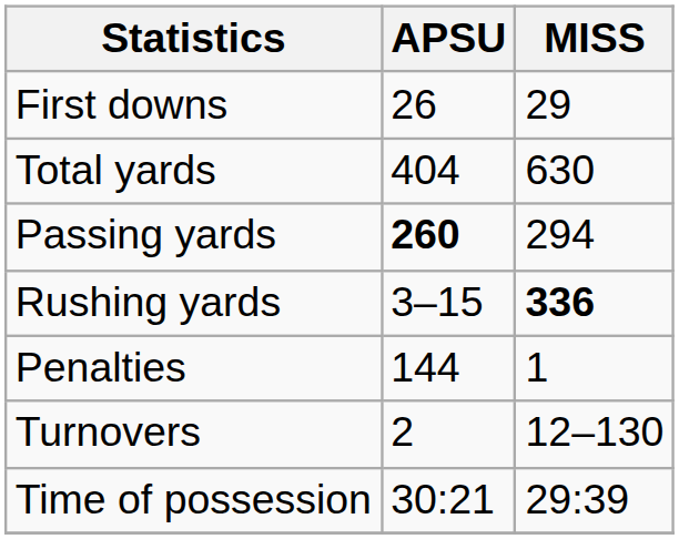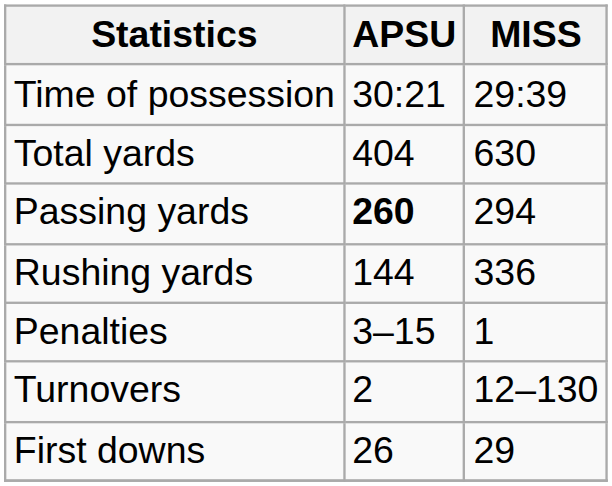 <table class="wikitable" style="float: left;">
 <tr>
 <th>Statistics</th>
 <th>APSU</th>
 <th>MISS</th>
 </tr>
 <tr>
-<td>First downs</td>
-<td>26</td>
-<td>29</td>
+<td>Time of possession</td>
+<td>30:21</td>
+<td>29:39</td>
 </tr>
 <tr>
 <td>Total yards</td>
 <td>404</td>
 <td>630</td>
 </tr>
 <tr>
 <td>Passing yards</td>
 <td><strong>260</strong></td>
 <td>294</td>
 </tr>
 <tr>
 <td>Rushing yards</td>
-<td>3–15</td>
-<td><strong>336</strong></td>
+<td>144</td>
+<td>336</td>
 </tr>
 <tr>
 <td>Penalties</td>
-<td>144</td>
+<td>3–15</td>
 <td>1</td>
 </tr>
 <tr>
 <td>Turnovers</td>
 <td>2</td>
 <td>12–130</td>
 </tr>
 <tr>
-<td>Time of possession</td>
-<td>30:21</td>
-<td>29:39</td>
+<td>First downs</td>
+<td>26</td>
+<td>29</td>
 </tr>
 <tr>
 </tr>
 </table>
